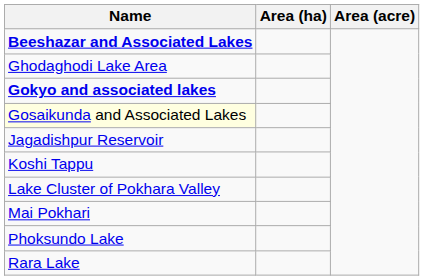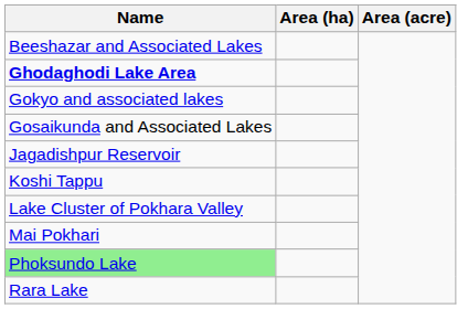 <table class="wikitable sortable">
 <tr>
 <th scope="col" align=left>Name</th>
 <th scope="col">Area (ha)</th>
 <th scope="col">Area (acre)</th>
 </tr>
 <tr ---->
-<td><strong><a href='#'>Beeshazar and Associated Lakes</a></strong></td>
+<td><a href='#'>Beeshazar and Associated Lakes</a></td>
 <td></td>
 </tr>
 <tr ---->
-<td><a href='#'>Ghodaghodi Lake Area</a></td>
+<td><strong><a href='#'>Ghodaghodi Lake Area</a></strong></td>
 <td></td>
 </tr>
 <tr ---->
-<td><strong><a href='#'>Gokyo and associated lakes</a></strong></td>
+<td><a href='#'>Gokyo and associated lakes</a></td>
 <td></td>
 </tr>
 <tr ---->
-<td style="background: lightyellow;"><a href='#'>Gosaikunda</a> and Associated Lakes</td>
+<td><a href='#'>Gosaikunda</a> and Associated Lakes</td>
 <td></td>
 </tr>
 <tr ---->
 <td><a href='#'>Jagadishpur Reservoir</a></td>
 <td></td>
 </tr>
 <tr ---->
 <td><a href='#'>Koshi Tappu</a></td>
 <td></td>
 </tr>
 <tr ---->
 <td><a href='#'>Lake Cluster of Pokhara Valley</a></td>
 <td></td>
 </tr>
 <tr ---->
 <td><a href='#'>Mai Pokhari</a></td>
 <td></td>
 </tr>
 <tr ---->
-<td><a href='#'>Phoksundo Lake</a></td>
+<td style="background: lightgreen;"><a href='#'>Phoksundo Lake</a></td>
 <td></td>
 </tr>
 <tr ---->
 <td><a href='#'>Rara Lake</a></td>
 <td></td>
 </tr>
 </table>
